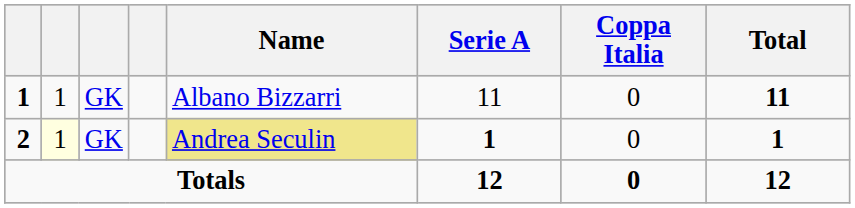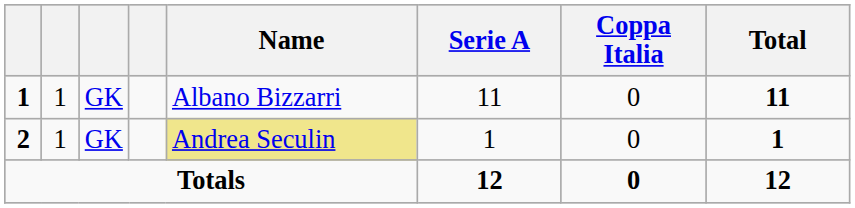 <table class="wikitable" style="text-align:center">
 <tr>
 <th width=15></th>
 <th width=15></th>
 <th width=15></th>
 <th width=15></th>
 <th width=145>Name</th>
 <th width=80><a href='#'>Serie A</a></th>
 <th width=80><a href='#'>Coppa Italia</a></th>
 <th width=80>Total</th>
 </tr>
 <tr>
 <td><strong>1</strong></td>
 <td>1</td>
 <td><a href='#'>GK</a></td>
 <td></td>
 <td align=left><a href='#'>Albano Bizzarri</a></td>
 <td>11</td>
 <td>0</td>
 <td><strong>11</strong></td>
 </tr>
 <tr>
 <td><strong>2</strong></td>
-<td style="background: lightyellow;">1</td>
+<td>1</td>
 <td><a href='#'>GK</a></td>
 <td></td>
 <td align=left style="background: khaki;"><a href='#'>Andrea Seculin</a></td>
-<td><strong>1</strong></td>
+<td>1</td>
 <td>0</td>
 <td><strong>1</strong></td>
 </tr>
 <tr>
 <td colspan=5><strong>Totals</strong></td>
 <td><strong>12</strong></td>
 <td><strong>0</strong></td>
 <td><strong>12</strong></td>
 </tr>
 </table>
